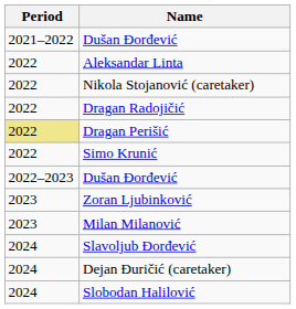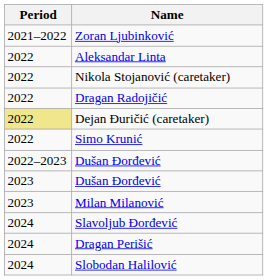 <table class="wikitable">
 <tr>
 <th width="75">Period</th>
 <th width="225">Name</th>
 </tr>
 <tr>
 <td>2021–2022</td>
-<td> <a href='#'>Dušan Đorđević</a></td>
+<td> <a href='#'>Zoran Ljubinković</a></td>
 </tr>
 <tr>
 <td>2022</td>
 <td> <a href='#'>Aleksandar Linta</a></td>
 </tr>
 <tr>
 <td>2022</td>
 <td> Nikola Stojanović (caretaker)</td>
 </tr>
 <tr>
 <td>2022</td>
 <td> <a href='#'>Dragan Radojičić</a></td>
 </tr>
 <tr>
 <td style="background: khaki;">2022</td>
-<td> <a href='#'>Dragan Perišić</a></td>
+<td> Dejan Đuričić (caretaker)</td>
 </tr>
 <tr>
 <td>2022</td>
 <td> <a href='#'>Simo Krunić</a></td>
 </tr>
 <tr>
 <td>2022–2023</td>
 <td> <a href='#'>Dušan Đorđević</a></td>
 </tr>
 <tr>
 <td>2023</td>
-<td> <a href='#'>Zoran Ljubinković</a></td>
+<td> <a href='#'>Dušan Đorđević</a></td>
 </tr>
 <tr>
 <td>2023</td>
 <td> <a href='#'>Milan Milanović</a></td>
 </tr>
 <tr>
 <td>2024</td>
 <td> <a href='#'>Slavoljub Đorđević</a></td>
 </tr>
 <tr>
 <td>2024</td>
-<td> Dejan Đuričić (caretaker)</td>
+<td> <a href='#'>Dragan Perišić</a></td>
 </tr>
 <tr>
 <td>2024</td>
 <td> <a href='#'>Slobodan Halilović</a></td>
 </tr>
 </table>
